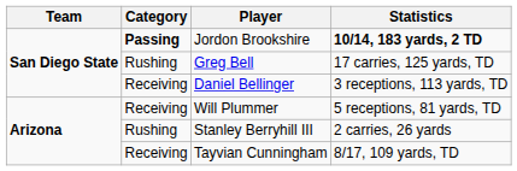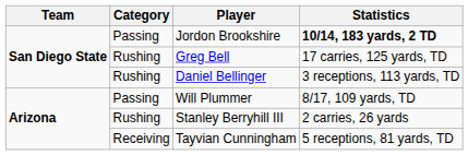 <table class="wikitable" style="float: right;">
 <tr>
 <th>Team</th>
 <th>Category</th>
 <th>Player</th>
 <th>Statistics</th>
 </tr>
 <tr>
 <td rowspan=3><strong>San Diego State</strong></td>
-<td><strong>Passing</strong></td>
+<td>Passing</td>
 <td>Jordon Brookshire</td>
 <td><strong>10/14, 183 yards, 2 TD</strong></td>
 </tr>
 <tr>
 <td>Rushing</td>
 <td><a href='#'>Greg Bell</a></td>
 <td>17 carries, 125 yards, TD</td>
 </tr>
 <tr>
-<td>Receiving</td>
+<td>Rushing</td>
 <td><a href='#'>Daniel Bellinger</a></td>
 <td>3 receptions, 113 yards, TD</td>
 </tr>
 <tr>
 <td rowspan=3><strong>Arizona</strong></td>
-<td>Receiving</td>
+<td>Passing</td>
 <td>Will Plummer</td>
-<td>5 receptions, 81 yards, TD</td>
+<td>8/17, 109 yards, TD</td>
 </tr>
 <tr>
 <td>Rushing</td>
 <td>Stanley Berryhill III</td>
 <td>2 carries, 26 yards</td>
 </tr>
 <tr>
 <td>Receiving</td>
 <td>Tayvian Cunningham</td>
-<td>8/17, 109 yards, TD</td>
+<td>5 receptions, 81 yards, TD</td>
 </tr>
 </table>
